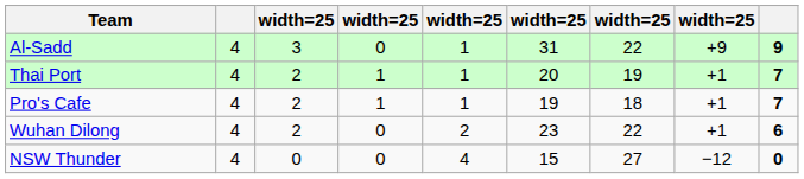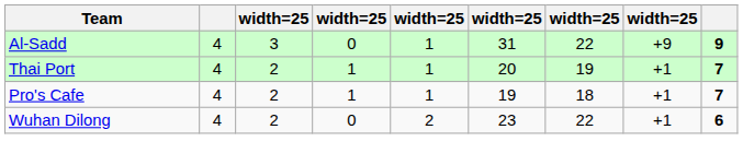 <table class="wikitable" style="text-align: center; font-size: 90%;">
 <tr>
 <th width="165">Team</th>
 <th width=25></th>
 <th>width=25</th>
 <th>width=25</th>
 <th>width=25</th>
 <th>width=25</th>
 <th>width=25</th>
 <th>width=25</th>
 <th width=25></th>
 </tr>
 <tr align=center bgcolor="ccffcc">
 <td style="text-align:left;"> <a href='#'>Al-Sadd</a></td>
 <td>4</td>
 <td>3</td>
 <td>0</td>
 <td>1</td>
 <td>31</td>
 <td>22</td>
 <td>+9</td>
 <td><strong>9</strong></td>
 </tr>
 <tr align=center bgcolor="ccffcc">
 <td style="text-align:left;"> <a href='#'>Thai Port</a></td>
 <td>4</td>
 <td>2</td>
 <td>1</td>
 <td>1</td>
 <td>20</td>
 <td>19</td>
 <td>+1</td>
 <td><strong>7</strong></td>
 </tr>
 <tr align=center>
 <td style="text-align:left;"> <a href='#'>Pro's Cafe</a></td>
 <td>4</td>
 <td>2</td>
 <td>1</td>
 <td>1</td>
 <td>19</td>
 <td>18</td>
 <td>+1</td>
 <td><strong>7</strong></td>
 </tr>
 <tr align=center>
 <td style="text-align:left;"> <a href='#'>Wuhan Dilong</a></td>
 <td>4</td>
 <td>2</td>
 <td>0</td>
 <td>2</td>
 <td>23</td>
 <td>22</td>
 <td>+1</td>
 <td><strong>6</strong></td>
 </tr>
-<tr align=center>
-<td style="text-align:left;"> <a href='#'>NSW Thunder</a></td>
-<td>4</td>
-<td>0</td>
-<td>0</td>
-<td>4</td>
-<td>15</td>
-<td>27</td>
-<td>−12</td>
-<td><strong>0</strong></td>
-</tr>
 </table>
